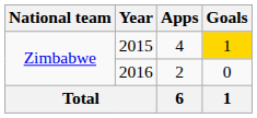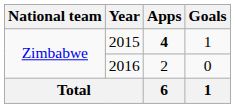 <table class="wikitable" style="text-align:center">
 <tr>
 <th>National team</th>
 <th>Year</th>
 <th>Apps</th>
 <th>Goals</th>
 </tr>
 <tr>
 <td rowspan="2"><a href='#'>Zimbabwe</a></td>
 <td>2015</td>
-<td>4</td>
-<td style="background: gold;">1</td>
+<td><strong>4</strong></td>
+<td>1</td>
 </tr>
 <tr>
 <td>2016</td>
 <td>2</td>
 <td>0</td>
 </tr>
 <tr>
 <th colspan=2>Total</th>
 <th>6</th>
 <th>1</th>
 </tr>
 </table>
